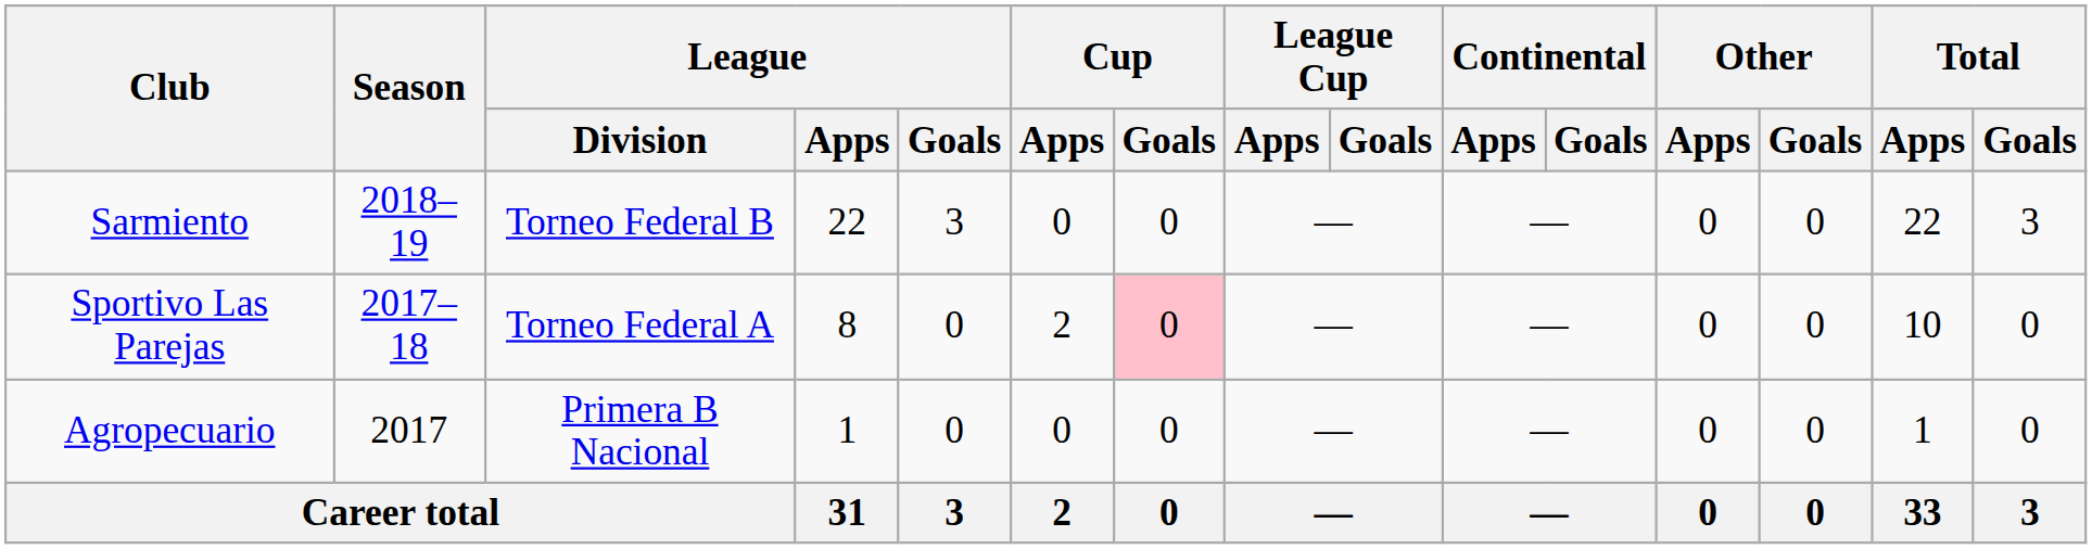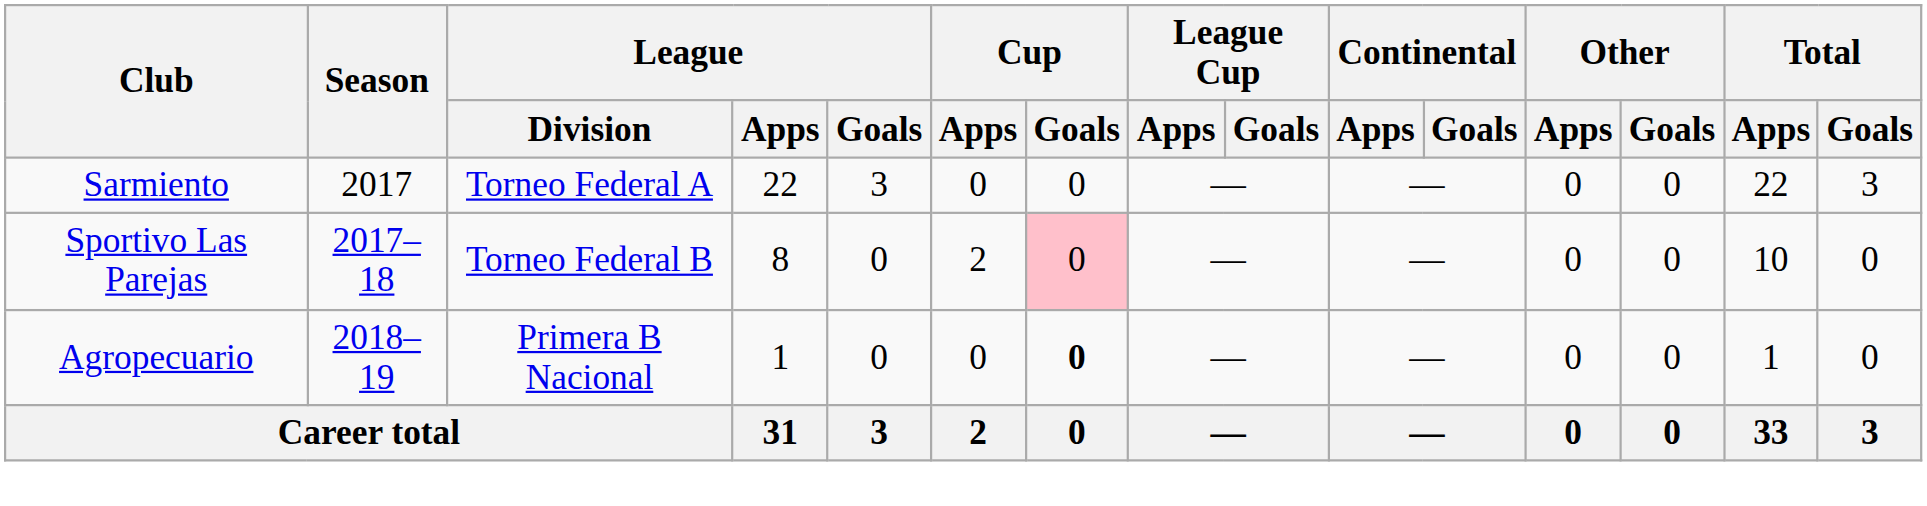 <table class="wikitable" style="text-align:center">
 <tr>
 <th rowspan="2">Club</th>
 <th rowspan="2">Season</th>
 <th colspan="3">League</th>
 <th colspan="2">Cup</th>
 <th colspan="2">League Cup</th>
 <th colspan="2">Continental</th>
 <th colspan="2">Other</th>
 <th colspan="2">Total</th>
 </tr>
 <tr>
 <th>Division</th>
 <th>Apps</th>
 <th>Goals</th>
 <th>Apps</th>
 <th>Goals</th>
 <th>Apps</th>
 <th>Goals</th>
 <th>Apps</th>
 <th>Goals</th>
 <th>Apps</th>
 <th>Goals</th>
 <th>Apps</th>
 <th>Goals</th>
 </tr>
 <tr>
 <td rowspan="1"><a href='#'>Sarmiento</a></td>
-<td><a href='#'>2018–19</a></td>
-<td rowspan="1"><a href='#'>Torneo Federal B</a></td>
+<td>2017</td>
+<td rowspan="1"><a href='#'>Torneo Federal A</a></td>
 <td>22</td>
 <td>3</td>
 <td>0</td>
 <td>0</td>
 <td colspan="2">—</td>
 <td colspan="2">—</td>
 <td>0</td>
 <td>0</td>
 <td>22</td>
 <td>3</td>
 </tr>
 <tr>
 <td rowspan="1"><a href='#'>Sportivo Las Parejas</a></td>
 <td><a href='#'>2017–18</a></td>
-<td rowspan="1"><a href='#'>Torneo Federal A</a></td>
+<td rowspan="1"><a href='#'>Torneo Federal B</a></td>
 <td>8</td>
 <td>0</td>
 <td>2</td>
 <td style="background: pink;">0</td>
 <td colspan="2">—</td>
 <td colspan="2">—</td>
 <td>0</td>
 <td>0</td>
 <td>10</td>
 <td>0</td>
 </tr>
 <tr>
 <td rowspan="1"><a href='#'>Agropecuario</a></td>
-<td>2017</td>
+<td><a href='#'>2018–19</a></td>
 <td rowspan="1"><a href='#'>Primera B Nacional</a></td>
 <td>1</td>
 <td>0</td>
 <td>0</td>
-<td>0</td>
+<td><strong>0</strong></td>
 <td colspan="2">—</td>
 <td colspan="2">—</td>
 <td>0</td>
 <td>0</td>
 <td>1</td>
 <td>0</td>
 </tr>
 <tr>
 <th colspan="3">Career total</th>
 <th>31</th>
 <th>3</th>
 <th>2</th>
 <th>0</th>
 <th colspan="2">—</th>
 <th colspan="2">—</th>
 <th>0</th>
 <th>0</th>
 <th>33</th>
 <th>3</th>
 </tr>
 </table>
